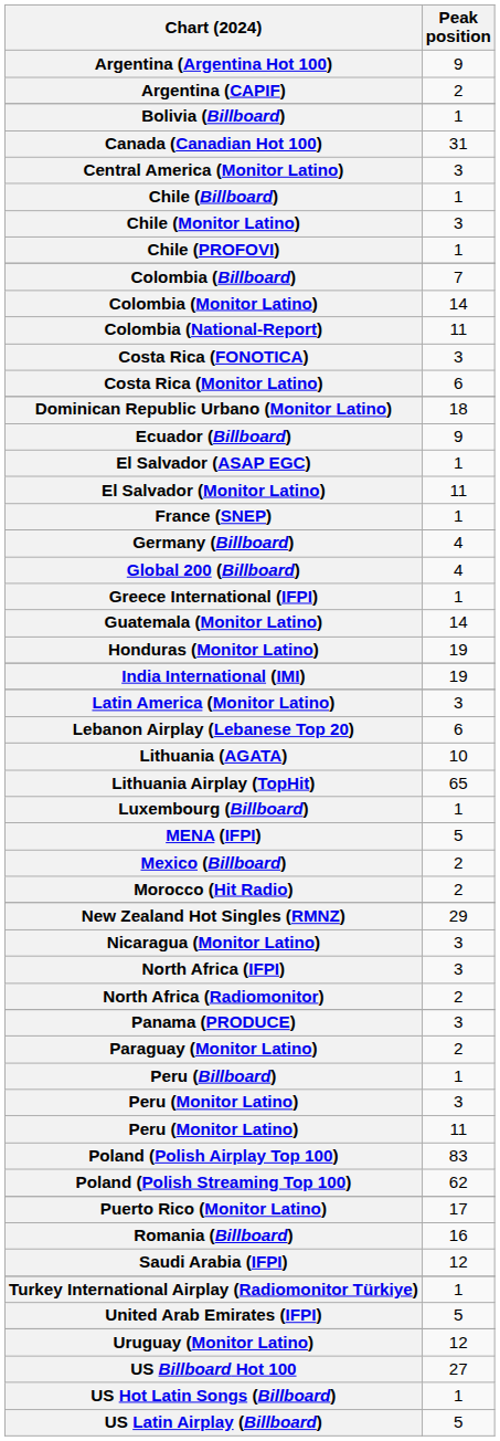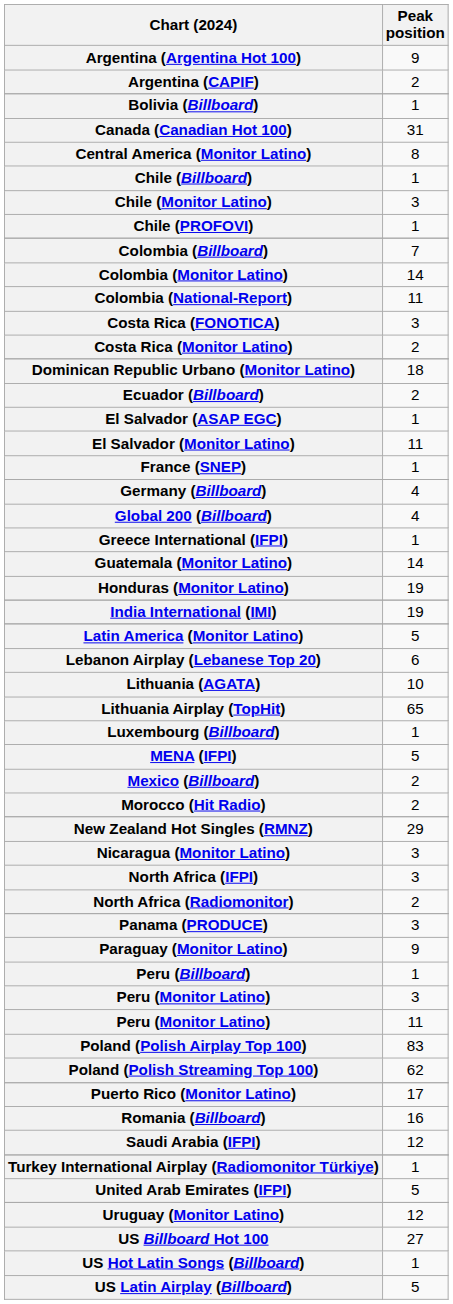 <table class="wikitable sortable plainrowheaders" style="text-align:center">
 <tr>
 <th scope="col">Chart (2024)</th>
 <th scope="col">Peak<br>position</th>
 </tr>
 <tr>
 <th scope="row">Argentina (<a href='#'>Argentina Hot 100</a>)</th>
 <td>9</td>
 </tr>
 <tr>
 <th scope="row">Argentina (<a href='#'>CAPIF</a>)</th>
 <td>2</td>
 </tr>
 <tr>
 </tr>
 <tr>
 </tr>
 <tr>
 </tr>
 <tr>
 <th scope="row">Bolivia (<em><a href='#'>Billboard</a></em>)</th>
 <td>1</td>
 </tr>
 <tr>
 <th scope="row">Canada (<a href='#'>Canadian Hot 100</a>)</th>
 <td>31</td>
 </tr>
 <tr>
 <th scope="row">Central America (<a href='#'>Monitor Latino</a>)</th>
-<td>3</td>
+<td>8</td>
 </tr>
 <tr>
 <th scope="row">Chile (<em><a href='#'>Billboard</a></em>)</th>
 <td>1</td>
 </tr>
 <tr>
 <th scope="row">Chile (<a href='#'>Monitor Latino</a>)</th>
 <td>3</td>
 </tr>
 <tr>
 <th scope="row">Chile (<a href='#'>PROFOVI</a>)</th>
 <td>1</td>
 </tr>
 <tr>
 </tr>
 <tr>
 <th scope="row">Colombia (<em><a href='#'>Billboard</a></em>)</th>
 <td>7</td>
 </tr>
 <tr>
 <th scope="row">Colombia (<a href='#'>Monitor Latino</a>)</th>
 <td>14</td>
 </tr>
 <tr>
 <th scope="row">Colombia (<a href='#'>National-Report</a>)</th>
 <td>11</td>
 </tr>
 <tr>
 <th scope="row">Costa Rica (<a href='#'>FONOTICA</a>)</th>
 <td>3</td>
 </tr>
 <tr>
 <th scope="row">Costa Rica (<a href='#'>Monitor Latino</a>)</th>
-<td>6</td>
+<td>2</td>
 </tr>
 <tr>
 </tr>
 <tr>
 <th scope="row">Dominican Republic Urbano (<a href='#'>Monitor Latino</a>)</th>
 <td>18</td>
 </tr>
 <tr>
 <th scope="row">Ecuador (<em><a href='#'>Billboard</a></em>)</th>
-<td>9</td>
+<td>2</td>
 </tr>
 <tr>
 <th scope="row">El Salvador (<a href='#'>ASAP EGC</a>)</th>
 <td>1</td>
 </tr>
 <tr>
 <th scope="row">El Salvador (<a href='#'>Monitor Latino</a>)</th>
 <td>11</td>
 </tr>
 <tr>
 <th scope="row">France (<a href='#'>SNEP</a>)</th>
 <td>1</td>
 </tr>
 <tr>
 </tr>
 <tr>
 <th scope="row">Germany (<em><a href='#'>Billboard</a></em>)</th>
 <td>4</td>
 </tr>
 <tr>
 <th scope="row"><a href='#'>Global 200</a> (<em><a href='#'>Billboard</a></em>)</th>
 <td>4</td>
 </tr>
 <tr>
 <th scope="row">Greece International (<a href='#'>IFPI</a>)</th>
 <td>1</td>
 </tr>
 <tr>
 <th scope="row">Guatemala (<a href='#'>Monitor Latino</a>)</th>
 <td>14</td>
 </tr>
 <tr>
 <th scope="row">Honduras (<a href='#'>Monitor Latino</a>)</th>
 <td>19</td>
 </tr>
 <tr>
 </tr>
 <tr>
 <th scope="row"><a href='#'>India International</a> (<a href='#'>IMI</a>)</th>
 <td>19</td>
 </tr>
 <tr>
 </tr>
 <tr>
 </tr>
 <tr>
 <th scope="row"><a href='#'>Latin America</a> (<a href='#'>Monitor Latino</a>)</th>
-<td>3</td>
+<td>5</td>
 </tr>
 <tr>
 <th scope="row">Lebanon Airplay (<a href='#'>Lebanese Top 20</a>)</th>
 <td>6</td>
 </tr>
 <tr>
 <th scope="row">Lithuania (<a href='#'>AGATA</a>)</th>
 <td>10</td>
 </tr>
 <tr>
 <th scope="row">Lithuania Airplay (<a href='#'>TopHit</a>)</th>
 <td>65</td>
 </tr>
 <tr>
 <th scope="row">Luxembourg (<em><a href='#'>Billboard</a></em>)</th>
 <td>1</td>
 </tr>
 <tr>
 <th scope="row"><a href='#'>MENA</a> (<a href='#'>IFPI</a>)</th>
 <td>5</td>
 </tr>
 <tr>
 <th scope="row"><a href='#'>Mexico</a> (<em><a href='#'>Billboard</a></em>)</th>
 <td>2</td>
 </tr>
 <tr>
 <th scope="row">Morocco (<a href='#'>Hit Radio</a>)</th>
 <td>2</td>
 </tr>
 <tr>
 </tr>
 <tr>
 <th scope="row">New Zealand Hot Singles (<a href='#'>RMNZ</a>)</th>
 <td>29</td>
 </tr>
 <tr>
 <th scope="row">Nicaragua (<a href='#'>Monitor Latino</a>)</th>
 <td>3</td>
 </tr>
 <tr>
 <th scope="row">North Africa (<a href='#'>IFPI</a>)</th>
 <td>3</td>
 </tr>
 <tr>
 <th scope="row">North Africa (<a href='#'>Radiomonitor</a>)</th>
 <td>2</td>
 </tr>
 <tr>
 </tr>
 <tr>
 <th scope="row">Panama (<a href='#'>PRODUCE</a>)</th>
 <td>3</td>
 </tr>
 <tr>
 <th scope="row">Paraguay (<a href='#'>Monitor Latino</a>)</th>
-<td>2</td>
+<td>9</td>
 </tr>
 <tr>
 <th scope="row">Peru (<em><a href='#'>Billboard</a></em>)</th>
 <td>1</td>
 </tr>
 <tr>
 <th scope="row">Peru (<a href='#'>Monitor Latino</a>)</th>
 <td>3</td>
 </tr>
 <tr>
 <th scope="row">Peru (<a href='#'>Monitor Latino</a>)<br></th>
 <td>11</td>
 </tr>
 <tr>
 <th scope="row">Poland (<a href='#'>Polish Airplay Top 100</a>)</th>
 <td>83</td>
 </tr>
 <tr>
 <th scope="row">Poland (<a href='#'>Polish Streaming Top 100</a>)</th>
 <td>62</td>
 </tr>
 <tr>
 </tr>
 <tr>
 <th scope="row">Puerto Rico (<a href='#'>Monitor Latino</a>)</th>
 <td>17</td>
 </tr>
 <tr>
 <th scope="row">Romania (<em><a href='#'>Billboard</a></em>)</th>
 <td>16</td>
 </tr>
 <tr>
 <th scope="row">Saudi Arabia (<a href='#'>IFPI</a>)</th>
 <td>12</td>
 </tr>
 <tr>
 </tr>
 <tr>
 </tr>
 <tr>
 </tr>
 <tr>
 </tr>
 <tr>
 </tr>
 <tr>
 <th scope="row">Turkey International Airplay (<a href='#'>Radiomonitor Türkiye</a>)</th>
 <td>1</td>
 </tr>
 <tr>
 <th scope="row">United Arab Emirates (<a href='#'>IFPI</a>)</th>
 <td>5</td>
 </tr>
 <tr>
 </tr>
 <tr>
 </tr>
 <tr>
 <th scope="row">Uruguay (<a href='#'>Monitor Latino</a>)</th>
 <td>12</td>
 </tr>
 <tr>
 <th scope="row">US <a href='#'><em>Billboard</em> Hot 100</a></th>
 <td>27</td>
 </tr>
 <tr>
 <th scope="row">US <a href='#'>Hot Latin Songs</a> (<em><a href='#'>Billboard</a></em>)</th>
 <td>1</td>
 </tr>
 <tr>
 <th scope="row">US <a href='#'>Latin Airplay</a> (<em><a href='#'>Billboard</a></em>)</th>
 <td>5</td>
 </tr>
 </table>
